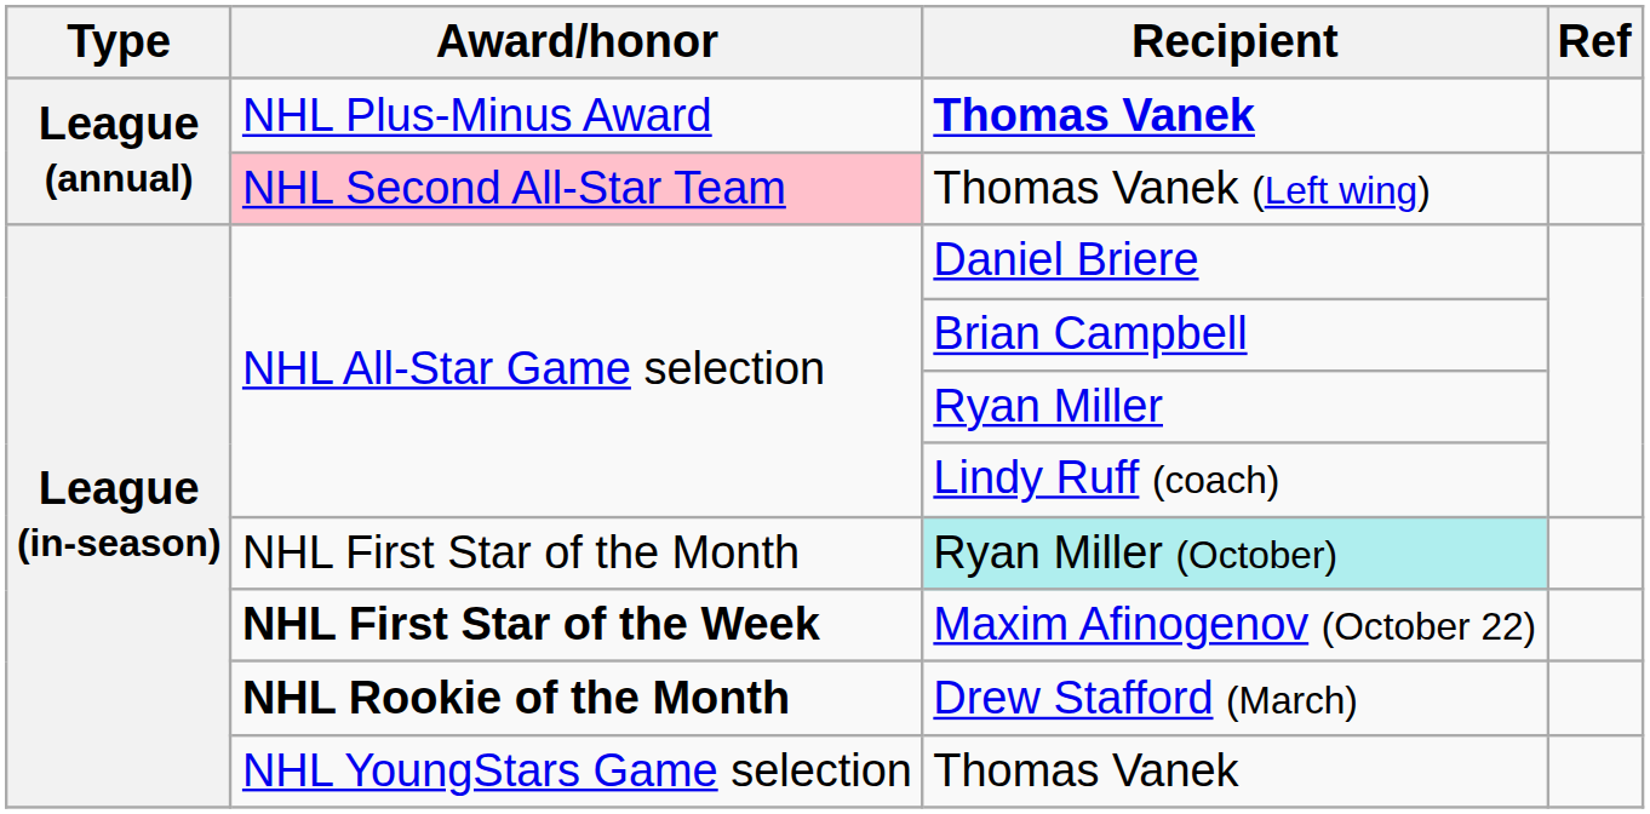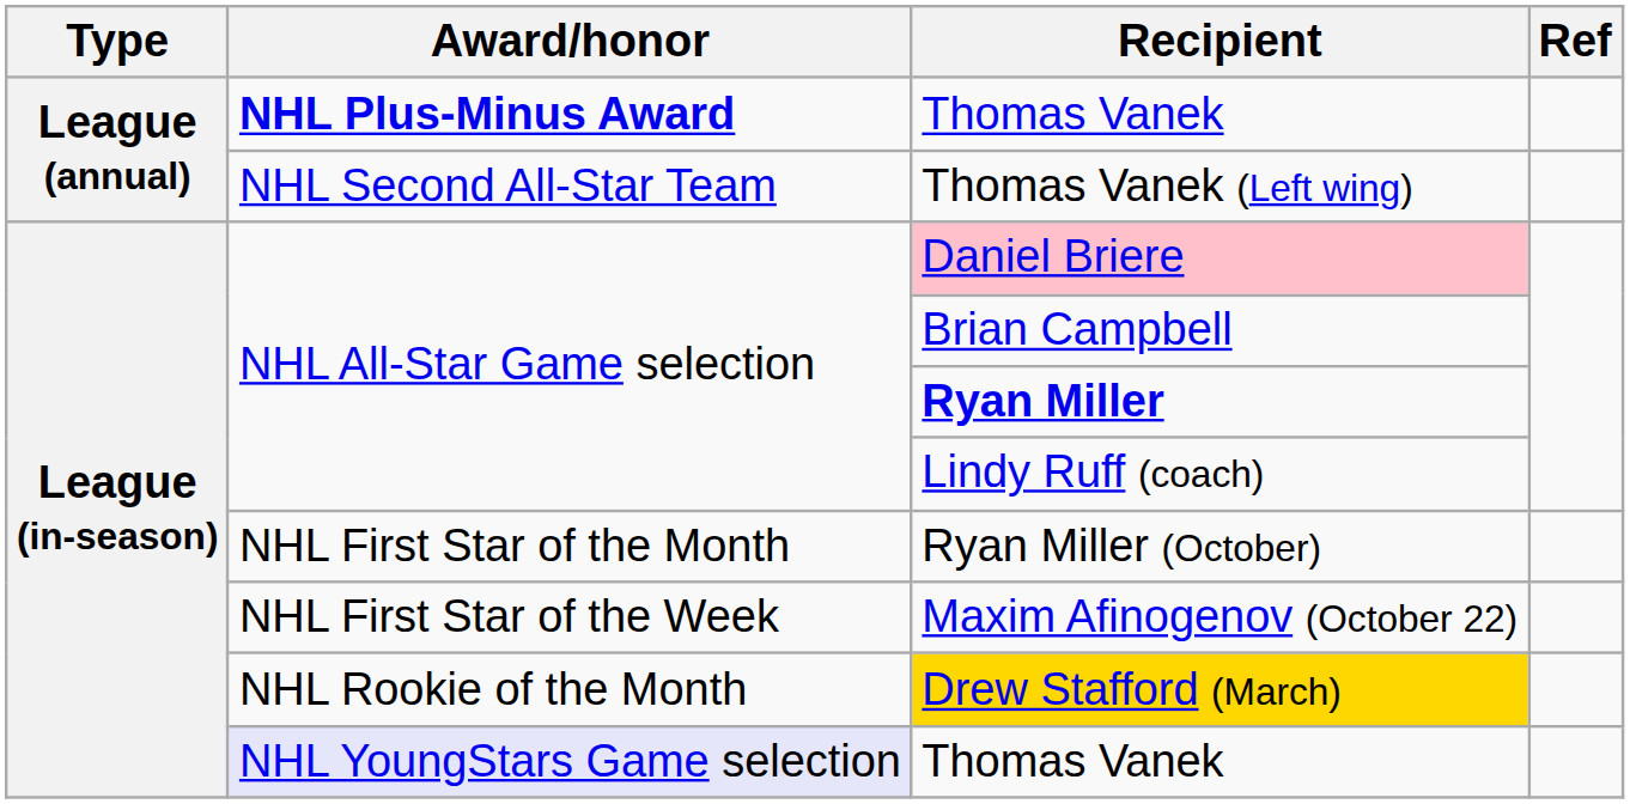 <table class="wikitable">
 <tr>
 <th scope="col">Type</th>
 <th scope="col">Award/honor</th>
 <th scope="col">Recipient</th>
 <th scope="col">Ref</th>
 </tr>
 <tr>
 <th scope="row" rowspan="2">League<br><small>(annual)</small></th>
-<td><a href='#'>NHL Plus-Minus Award</a></td>
-<td><strong><a href='#'>Thomas Vanek</a></strong></td>
+<td><strong><a href='#'>NHL Plus-Minus Award</a></strong></td>
+<td><a href='#'>Thomas Vanek</a></td>
 <td></td>
 </tr>
 <tr>
-<td style="background: pink;"><a href='#'>NHL Second All-Star Team</a></td>
+<td><a href='#'>NHL Second All-Star Team</a></td>
 <td>Thomas Vanek <small>(<a href='#'>Left wing</a>)</small></td>
 <td></td>
 </tr>
 <tr>
 <th scope="row" rowspan="8">League<br><small>(in-season)</small></th>
 <td rowspan="4"><a href='#'>NHL All-Star Game</a> selection</td>
-<td><a href='#'>Daniel Briere</a></td>
+<td style="background: pink;"><a href='#'>Daniel Briere</a></td>
 <td rowspan="4"></td>
 </tr>
 <tr>
 <td><a href='#'>Brian Campbell</a></td>
 </tr>
 <tr>
-<td><a href='#'>Ryan Miller</a></td>
+<td><strong><a href='#'>Ryan Miller</a></strong></td>
 </tr>
 <tr>
 <td><a href='#'>Lindy Ruff</a> <small>(coach)</small></td>
 </tr>
 <tr>
 <td>NHL First Star of the Month</td>
-<td style="background: paleturquoise;">Ryan Miller <small>(October)</small></td>
+<td>Ryan Miller <small>(October)</small></td>
 <td></td>
 </tr>
 <tr>
-<td><strong>NHL First Star of the Week</strong></td>
+<td>NHL First Star of the Week</td>
 <td><a href='#'>Maxim Afinogenov</a> <small>(October 22)</small></td>
 <td></td>
 </tr>
 <tr>
-<td><strong>NHL Rookie of the Month</strong></td>
-<td><a href='#'>Drew Stafford</a> <small>(March)</small></td>
+<td>NHL Rookie of the Month</td>
+<td style="background: gold;"><a href='#'>Drew Stafford</a> <small>(March)</small></td>
 <td></td>
 </tr>
 <tr>
-<td><a href='#'>NHL YoungStars Game</a> selection</td>
+<td style="background: lavender;"><a href='#'>NHL YoungStars Game</a> selection</td>
 <td>Thomas Vanek</td>
 <td></td>
 </tr>
 </table>
